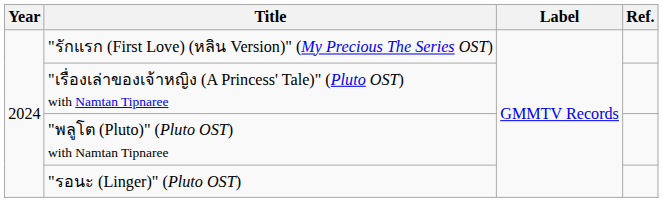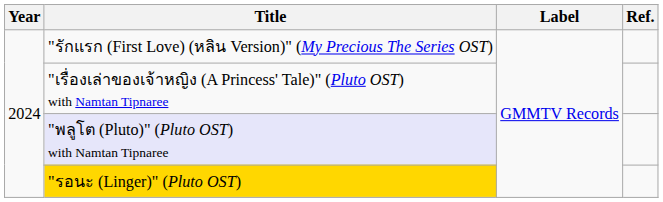 <table class="wikitable sortable">
 <tr>
 <th scope="col">Year</th>
 <th scope="col">Title</th>
 <th scope="col">Label</th>
 <th scope="col" class="unsortable">Ref.</th>
 </tr>
 <tr>
 <td rowspan="5">2024</td>
 <td>"รักแรก (First Love) (หลิน Version)" (<em><a href='#'>My Precious The Series</a> OST</em>)</td>
 <td rowspan="4"><a href='#'>GMMTV Records</a></td>
 <td style="text-align: center;"></td>
 </tr>
 <tr>
 <td>"เรื่องเล่าของเจ้าหญิง (A Princess' Tale)" (<em><a href='#'>Pluto</a> OST</em>)<br><small>with <a href='#'>Namtan Tipnaree</a></small></td>
 <td style="text-align: center;"></td>
 </tr>
 <tr>
-<td>"พลูโต (Pluto)" (<em>Pluto OST</em>)<br><small>with Namtan Tipnaree</small></td>
+<td style="background: lavender;">"พลูโต (Pluto)" (<em>Pluto OST</em>)<br><small>with Namtan Tipnaree</small></td>
 <td style="text-align: center;"></td>
 </tr>
 <tr>
-<td>"รอนะ (Linger)" (<em>Pluto OST</em>)</td>
+<td style="background: gold;">"รอนะ (Linger)" (<em>Pluto OST</em>)</td>
 <td style="text-align: center;"></td>
 </tr>
 </table>
